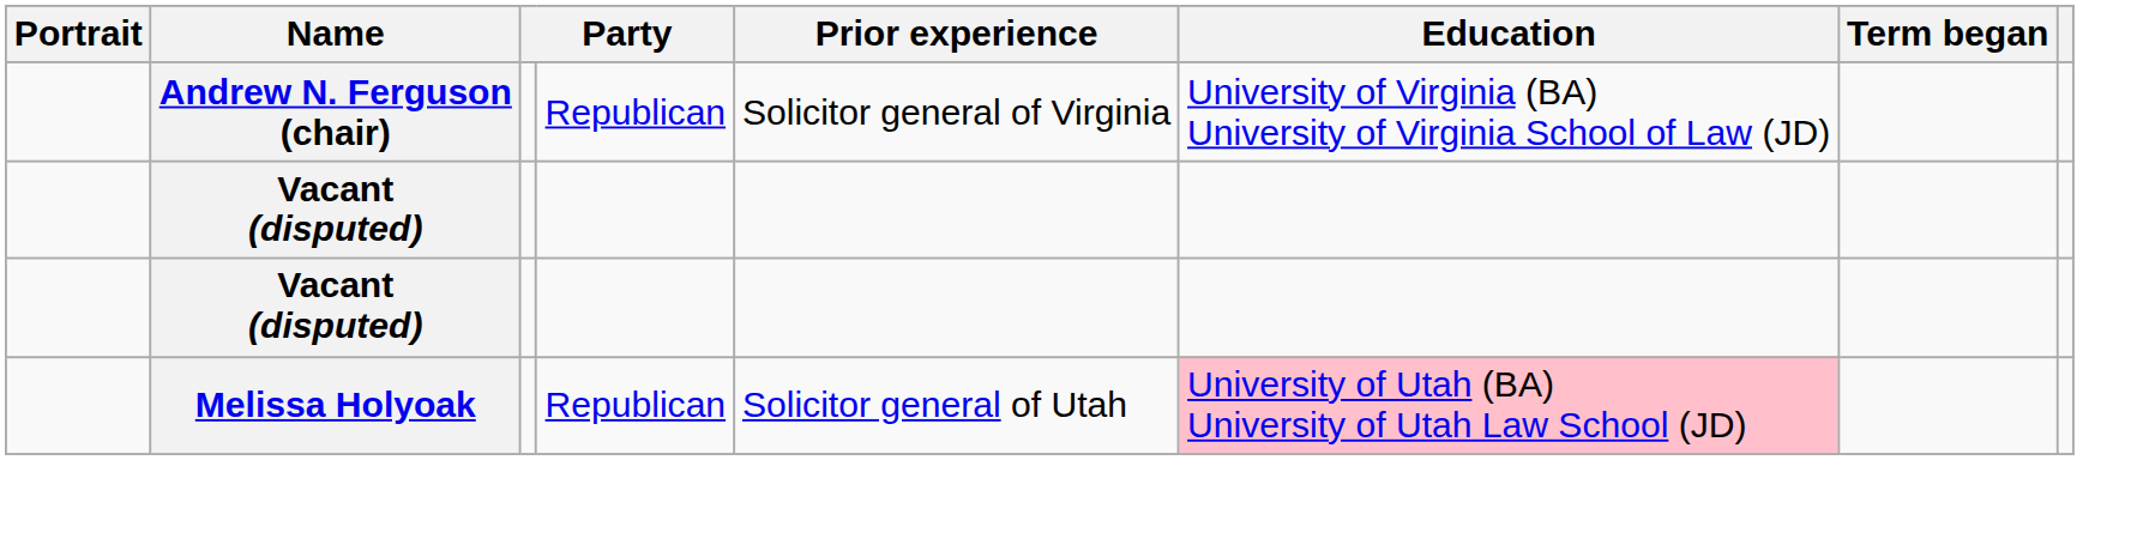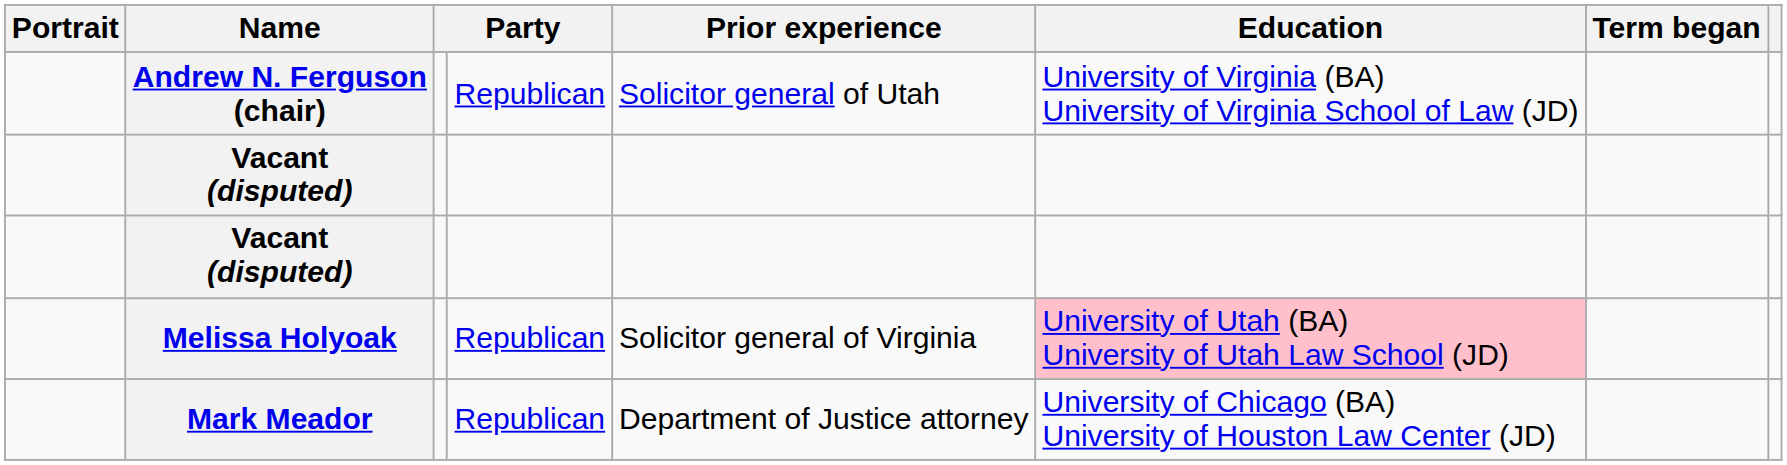 <table class="wikitable sortable" id="senators">
 <tr>
 <th>Portrait</th>
 <th>Name</th>
 <th colspan="2">Party</th>
 <th>Prior experience</th>
 <th>Education</th>
 <th>Term began</th>
 <th></th>
 </tr>
 <tr>
 <td></td>
 <th><a href='#'>Andrew N. Ferguson</a><br>(chair)</th>
 <td style="background-color:"></td>
 <td><a href='#'>Republican</a></td>
-<td>Solicitor general of Virginia</td>
+<td><a href='#'>Solicitor general</a> of Utah</td>
 <td><a href='#'>University of Virginia</a> (BA)<br><a href='#'>University of Virginia School of Law</a> (JD)</td>
 <td></td>
 <td></td>
 </tr>
 <tr>
 <td></td>
 <th><strong>Vacant</strong><br><em>(disputed)</em></th>
 <td></td>
 <td></td>
 <td></td>
 <td></td>
 <td></td>
 <td></td>
 </tr>
 <tr>
 <td></td>
 <th>Vacant<br><em>(disputed)</em></th>
 <td></td>
 <td></td>
 <td></td>
 <td></td>
 <td></td>
 <td></td>
 </tr>
 <tr>
 <td></td>
 <th><a href='#'>Melissa Holyoak</a></th>
 <td style="background-color:"></td>
 <td><a href='#'>Republican</a></td>
-<td><a href='#'>Solicitor general</a> of Utah</td>
+<td>Solicitor general of Virginia</td>
 <td style="background: pink;"><a href='#'>University of Utah</a> (BA)<br><a href='#'>University of Utah Law School</a> (JD)</td>
 <td></td>
 <td></td>
 </tr>
+<tr>
+<td></td>
+<th><a href='#'>Mark Meador</a></th>
+<td style="background-color:"></td>
+<td><a href='#'>Republican</a></td>
+<td>Department of Justice attorney</td>
+<td><a href='#'>University of Chicago</a> (BA)<br><a href='#'>University of Houston Law Center</a> (JD)</td>
+<td></td>
+<td></td>
+</tr>
 </table>
